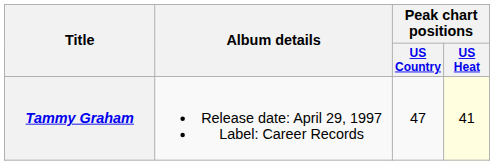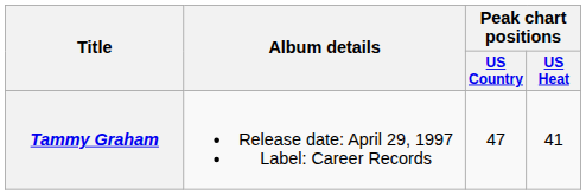 <table class="wikitable plainrowheaders" style="text-align:center;">
 <tr>
 <th rowspan="2" style="width:10em;">Title</th>
 <th rowspan="2" style="width:16em;">Album details</th>
 <th colspan="2">Peak chart<br>positions</th>
 </tr>
 <tr style="font-size:smaller;">
 <th width="45"><a href='#'>US Country</a></th>
 <th width="45"><a href='#'>US Heat</a></th>
 </tr>
 <tr>
 <th scope="row"><em><a href='#'>Tammy Graham</a></em></th>
 <td><br><ul><li>Release date: April 29, 1997</li><li>Label: Career Records</li></ul></td>
 <td>47</td>
-<td style="background: lightyellow;">41</td>
+<td>41</td>
 </tr>
 </table>
